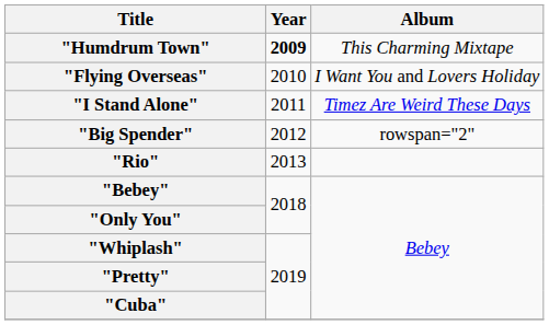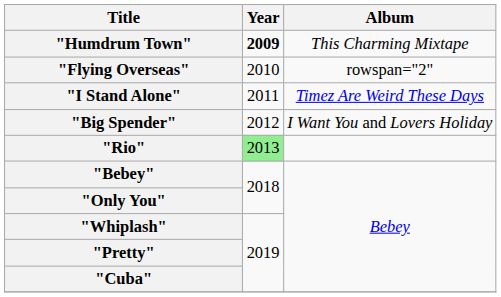 <table class="wikitable plainrowheaders" style="text-align:center;">
 <tr>
 <th scope="col" style="width:14em;">Title</th>
 <th scope="col">Year</th>
 <th scope="col">Album</th>
 </tr>
 <tr>
 <th scope="row">"Humdrum Town"</th>
 <td><strong>2009</strong></td>
 <td><em>This Charming Mixtape</em></td>
 </tr>
 <tr>
 <th scope="row">"Flying Overseas"</th>
 <td>2010</td>
-<td><em>I Want You</em> and <em>Lovers Holiday</em></td>
+<td>rowspan="2" </td>
 </tr>
 <tr>
 <th scope="row">"I Stand Alone"</th>
 <td>2011</td>
 <td><em><a href='#'>Timez Are Weird These Days</a></em></td>
 </tr>
 <tr>
 <th scope="row">"Big Spender" </th>
 <td>2012</td>
-<td>rowspan="2" </td>
+<td><em>I Want You</em> and <em>Lovers Holiday</em></td>
 </tr>
 <tr>
 <th scope="row">"Rio" </th>
-<td>2013</td>
+<td style="background: lightgreen;">2013</td>
 </tr>
 <tr>
 <th scope="row">"Bebey"</th>
 <td rowspan="2">2018</td>
 <td rowspan="5"><em><a href='#'>Bebey</a></em></td>
 </tr>
 <tr>
 <th scope="row">"Only You" </th>
 </tr>
 <tr>
 <th scope="row">"Whiplash" </th>
 <td rowspan="3">2019</td>
 </tr>
 <tr>
 <th scope="row">"Pretty" </th>
 </tr>
 <tr>
 <th scope="row">"Cuba"</th>
 </tr>
 <tr>
 </tr>
 </table>
